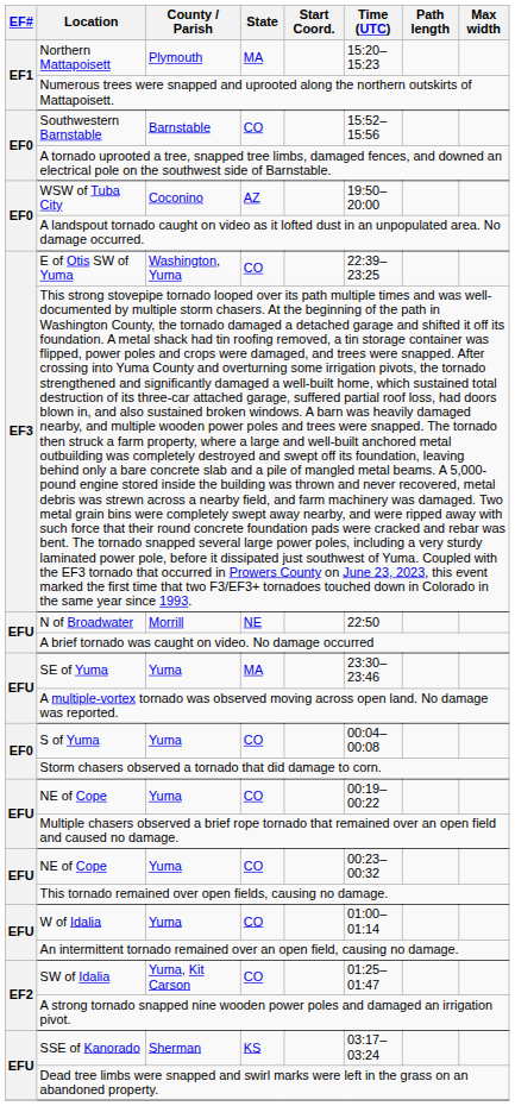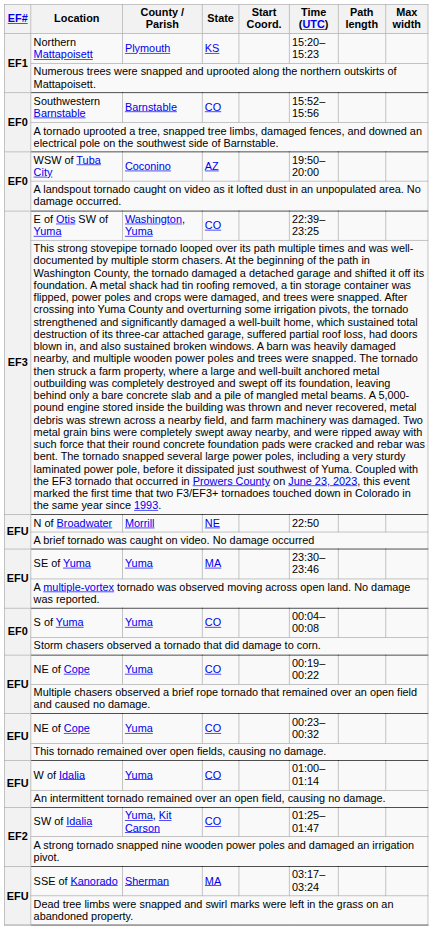 <table class="wikitable sortable" style="width:100%;">
 <tr>
 <th scope="col" width="2%" align="center"><a href='#'>EF#</a></th>
 <th scope="col" align="center" class="unsortable">Location</th>
 <th scope="col" align="center" class="unsortable">County / Parish</th>
 <th scope="col" align="center">State</th>
 <th scope="col" align="center">Start Coord.</th>
 <th scope="col" align="center">Time (<a href='#'>UTC</a>)</th>
 <th scope="col" align="center">Path length</th>
 <th scope="col" align="center">Max width</th>
 </tr>
 <tr>
 <th scope="row" rowspan="2" style="background-color:#">EF1</th>
 <td>Northern <a href='#'>Mattapoisett</a></td>
 <td><a href='#'>Plymouth</a></td>
-<td><a href='#'>MA</a></td>
+<td><a href='#'>KS</a></td>
 <td></td>
 <td>15:20–15:23</td>
 <td></td>
 <td></td>
 </tr>
 <tr class="expand-child">
 <td colspan="8" style=" border-bottom: 1px solid black;">Numerous trees were snapped and uprooted along the northern outskirts of Mattapoisett.</td>
 </tr>
 <tr>
 <th scope="row" rowspan="2" style="background-color:#">EF0</th>
 <td>Southwestern <a href='#'>Barnstable</a></td>
 <td><a href='#'>Barnstable</a></td>
 <td><a href='#'>CO</a></td>
 <td></td>
 <td>15:52–15:56</td>
 <td></td>
 <td></td>
 </tr>
 <tr class="expand-child">
 <td colspan="8" style=" border-bottom: 1px solid black;">A tornado uprooted a tree, snapped tree limbs, damaged fences, and downed an electrical pole on the southwest side of Barnstable.</td>
 </tr>
 <tr>
 <th scope="row" rowspan="2" style="background-color:#">EF0</th>
 <td>WSW of <a href='#'>Tuba City</a></td>
 <td><a href='#'>Coconino</a></td>
 <td><a href='#'>AZ</a></td>
 <td></td>
 <td>19:50–20:00</td>
 <td></td>
 <td></td>
 </tr>
 <tr class="expand-child">
 <td colspan="8" style=" border-bottom: 1px solid black;">A landspout tornado caught on video as it lofted dust in an unpopulated area. No damage occurred.</td>
 </tr>
 <tr>
 <th scope="row" rowspan="2" style="background-color:#">EF3</th>
 <td>E of <a href='#'>Otis</a> SW of <a href='#'>Yuma</a></td>
 <td><a href='#'>Washington</a>, <a href='#'>Yuma</a></td>
 <td><a href='#'>CO</a></td>
 <td></td>
 <td>22:39–23:25</td>
 <td></td>
 <td></td>
 </tr>
 <tr class="expand-child">
 <td colspan="8" style=" border-bottom: 1px solid black;">This strong stovepipe tornado looped over its path multiple times and was well-documented by multiple storm chasers. At the beginning of the path in Washington County, the tornado damaged a detached garage and shifted it off its foundation. A metal shack had tin roofing removed, a tin storage container was flipped, power poles and crops were damaged, and trees were snapped. After crossing into Yuma County and overturning some irrigation pivots, the tornado strengthened and significantly damaged a well-built home, which sustained total destruction of its three-car attached garage, suffered partial roof loss, had doors blown in, and also sustained broken windows. A barn was heavily damaged nearby, and multiple wooden power poles and trees were snapped. The tornado then struck a farm property, where a large and well-built anchored metal outbuilding was completely destroyed and swept off its foundation, leaving behind only a bare concrete slab and a pile of mangled metal beams. A 5,000-pound engine stored inside the building was thrown and never recovered, metal debris was strewn across a nearby field, and farm machinery was damaged. Two metal grain bins were completely swept away nearby, and were ripped away with such force that their round concrete foundation pads were cracked and rebar was bent. The tornado snapped several large power poles, including a very sturdy laminated power pole, before it dissipated just southwest of Yuma. Coupled with the EF3 tornado that occurred in <a href='#'>Prowers County</a> on <a href='#'>June 23, 2023</a>, this event marked the first time that two F3/EF3+ tornadoes touched down in Colorado in the same year since <a href='#'>1993</a>.</td>
 </tr>
 <tr>
 <th scope="row" rowspan="2" style="background-color:#">EFU</th>
 <td>N of <a href='#'>Broadwater</a></td>
 <td><a href='#'>Morrill</a></td>
 <td><a href='#'>NE</a></td>
 <td></td>
 <td>22:50</td>
 <td></td>
 <td></td>
 </tr>
 <tr class="expand-child">
 <td colspan="8" style=" border-bottom: 1px solid black;">A brief tornado was caught on video. No damage occurred</td>
 </tr>
 <tr>
 <th scope="row" rowspan="2" style="background-color:#">EFU</th>
 <td>SE of <a href='#'>Yuma</a></td>
 <td><a href='#'>Yuma</a></td>
 <td><a href='#'>MA</a></td>
 <td></td>
 <td>23:30–23:46</td>
 <td></td>
 <td></td>
 </tr>
 <tr class="expand-child">
 <td colspan="8" style=" border-bottom: 1px solid black;">A <a href='#'>multiple-vortex</a> tornado was observed moving across open land. No damage was reported.</td>
 </tr>
 <tr>
 <th scope="row" rowspan="2" style="background-color:#">EF0</th>
 <td>S of <a href='#'>Yuma</a></td>
 <td><a href='#'>Yuma</a></td>
 <td><a href='#'>CO</a></td>
 <td></td>
 <td>00:04–00:08</td>
 <td></td>
 <td></td>
 </tr>
 <tr class="expand-child">
 <td colspan="8" style=" border-bottom: 1px solid black;">Storm chasers observed a tornado that did damage to corn.</td>
 </tr>
 <tr>
 <th scope="row" rowspan="2" style="background-color:#">EFU</th>
 <td>NE of <a href='#'>Cope</a></td>
 <td><a href='#'>Yuma</a></td>
 <td><a href='#'>CO</a></td>
 <td></td>
 <td>00:19–00:22</td>
 <td></td>
 <td></td>
 </tr>
 <tr class="expand-child">
 <td colspan="8" style=" border-bottom: 1px solid black;">Multiple chasers observed a brief rope tornado that remained over an open field and caused no damage.</td>
 </tr>
 <tr>
 <th scope="row" rowspan="2" style="background-color:#">EFU</th>
 <td>NE of <a href='#'>Cope</a></td>
 <td><a href='#'>Yuma</a></td>
 <td><a href='#'>CO</a></td>
 <td></td>
 <td>00:23–00:32</td>
 <td></td>
 <td></td>
 </tr>
 <tr class="expand-child">
 <td colspan="8" style=" border-bottom: 1px solid black;">This tornado remained over open fields, causing no damage.</td>
 </tr>
 <tr>
 <th scope="row" rowspan="2" style="background-color:#">EFU</th>
 <td>W of <a href='#'>Idalia</a></td>
 <td><a href='#'>Yuma</a></td>
 <td><a href='#'>CO</a></td>
 <td></td>
 <td>01:00–01:14</td>
 <td></td>
 <td></td>
 </tr>
 <tr class="expand-child">
 <td colspan="8" style=" border-bottom: 1px solid black;">An intermittent tornado remained over an open field, causing no damage.</td>
 </tr>
 <tr>
 <th scope="row" rowspan="2" style="background-color:#">EF2</th>
 <td>SW of <a href='#'>Idalia</a></td>
 <td><a href='#'>Yuma</a>, <a href='#'>Kit Carson</a></td>
 <td><a href='#'>CO</a></td>
 <td></td>
 <td>01:25–01:47</td>
 <td></td>
 <td></td>
 </tr>
 <tr class="expand-child">
 <td colspan="8" style=" border-bottom: 1px solid black;">A strong tornado snapped nine wooden power poles and damaged an irrigation pivot.</td>
 </tr>
 <tr>
 <th scope="row" rowspan="2" style="background-color:#">EFU</th>
 <td>SSE of <a href='#'>Kanorado</a></td>
 <td><a href='#'>Sherman</a></td>
-<td><a href='#'>KS</a></td>
+<td><a href='#'>MA</a></td>
 <td></td>
 <td>03:17–03:24</td>
 <td></td>
 <td></td>
 </tr>
 <tr class="expand-child">
 <td colspan="8" style=" border-bottom: 1px solid black;">Dead tree limbs were snapped and swirl marks were left in the grass on an abandoned property.</td>
 </tr>
 <tr>
 </tr>
 </table>
